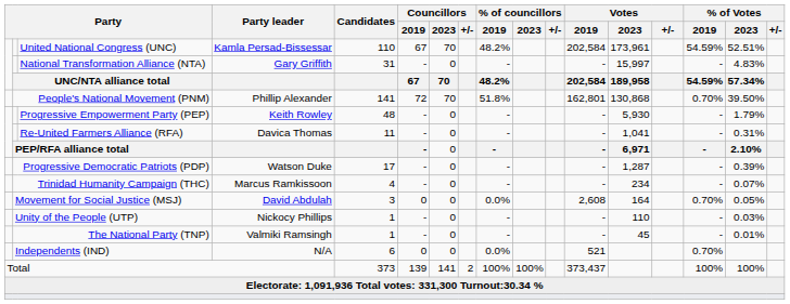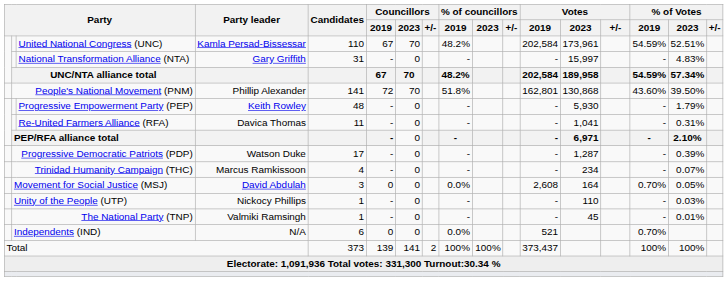 <table class="wikitable sortable" style="text-align:right;  margin-bottom:0">
 <tr>
 <th colspan="3" rowspan="2">Party</th>
 <th rowspan="2">Party leader</th>
 <th rowspan="2">Candidates</th>
 <th colspan="3">Councillors</th>
 <th colspan="3">% of councillors</th>
 <th colspan="3">Votes</th>
 <th colspan="3">% of Votes</th>
 </tr>
 <tr>
 <th style="width:40px;">2019</th>
 <th>2023</th>
 <th>+/-</th>
 <th>2019</th>
 <th>2023</th>
 <th>+/-</th>
 <th style="width:40px;">2019</th>
 <th style="width:40px;">2023</th>
 <th style="width:40px;">+/-</th>
 <th>2019</th>
 <th>2023</th>
 <th>+/-</th>
 </tr>
 <tr>
 <td rowspan="3"> </td>
 <td bgcolor=></td>
 <td style="text-align:left;"><a href='#'>United National Congress</a> (UNC)</td>
 <td><a href='#'>Kamla Persad-Bissessar</a></td>
 <td>110</td>
 <td>67</td>
 <td>70</td>
 <td></td>
 <td>48.2%</td>
 <td></td>
 <td></td>
 <td>202,584</td>
 <td>173,961</td>
 <td></td>
 <td>54.59%</td>
 <td>52.51%</td>
 <td></td>
 </tr>
 <tr>
 <td bgcolor=></td>
 <td style="text-align:left;"><a href='#'>National Transformation Alliance</a> (NTA)</td>
 <td><a href='#'>Gary Griffith</a></td>
 <td>31</td>
 <td>-</td>
 <td>0</td>
 <td></td>
 <td>-</td>
 <td></td>
 <td></td>
 <td>-</td>
 <td>15,997</td>
 <td></td>
 <td>-</td>
 <td>4.83%</td>
 <td></td>
 </tr>
 <tr>
 <th colspan="2">UNC/NTA alliance total</th>
 <th></th>
 <th></th>
 <th>67</th>
 <th>70</th>
 <th></th>
 <th>48.2%</th>
 <th></th>
 <th></th>
 <th>202,584</th>
 <th>189,958</th>
 <th></th>
 <th>54.59%</th>
 <th>57.34%</th>
 <th></th>
 </tr>
 <tr>
 <td style="color:inherit;background:"></td>
 <td colspan="2"><a href='#'>People's National Movement</a> (PNM)</td>
 <td>Phillip Alexander</td>
 <td>141</td>
 <td>72</td>
 <td>70</td>
 <td></td>
 <td>51.8%</td>
 <td></td>
 <td></td>
 <td>162,801</td>
 <td>130,868</td>
 <td></td>
-<td>0.70%</td>
+<td>43.60%</td>
 <td>39.50%</td>
 <td></td>
 </tr>
 <tr>
 <td rowspan="3"> </td>
 <td bgcolor=></td>
 <td style="text-align:left;"><a href='#'>Progressive Empowerment Party</a> (PEP)</td>
 <td><a href='#'>Keith Rowley</a></td>
 <td align="right">48</td>
 <td align="right">-</td>
 <td>0</td>
 <td></td>
 <td>-</td>
 <td></td>
 <td></td>
 <td align="right">-</td>
 <td align="right">5,930</td>
 <td align="right"></td>
 <td>-</td>
 <td>1.79%</td>
 <td></td>
 </tr>
 <tr>
 <td bgcolor=></td>
 <td style="text-align:left;"><a href='#'>Re-United Farmers Alliance</a> (RFA)</td>
 <td>Davica Thomas</td>
 <td align="right">11</td>
 <td align="right">-</td>
 <td>0</td>
 <td></td>
 <td>-</td>
 <td></td>
 <td></td>
 <td align="right">-</td>
 <td align="right">1,041</td>
 <td align="right"></td>
 <td>-</td>
 <td>0.31%</td>
 <td></td>
 </tr>
 <tr>
 <th colspan="2" style="text-align:left;">PEP/RFA alliance total</th>
 <th></th>
 <th style="text-align:right;"></th>
 <th style="text-align:right;">-</th>
 <td>0</td>
 <th></th>
 <th>-</th>
 <th></th>
 <th></th>
 <th style="text-align:right;">-</th>
 <th style="text-align:right;">6,971</th>
 <th style="text-align:right;"></th>
 <th>-</th>
 <th>2.10%</th>
 <th></th>
 </tr>
 <tr>
 <td style="color:inherit;background:"></td>
 <td colspan="2"><a href='#'>Progressive Democratic Patriots</a> (PDP)</td>
 <td>Watson Duke</td>
 <td>17</td>
 <td>-</td>
 <td>0</td>
 <td></td>
 <td>-</td>
 <td></td>
 <td></td>
 <td>-</td>
 <td>1,287</td>
 <td></td>
 <td>-</td>
 <td>0.39%</td>
 <td></td>
 </tr>
 <tr>
 <td style="color:inherit;background:"></td>
 <td colspan="2"><a href='#'>Trinidad Humanity Campaign</a> (THC)</td>
 <td>Marcus Ramkissoon</td>
 <td>4</td>
 <td>-</td>
 <td>0</td>
 <td></td>
 <td>-</td>
 <td></td>
 <td></td>
 <td>-</td>
 <td>234</td>
 <td></td>
 <td>-</td>
 <td>0.07%</td>
 <td></td>
 </tr>
 <tr>
 <td bgcolor=></td>
 <td colspan="2" style="text-align:left;"><a href='#'>Movement for Social Justice</a> (MSJ)</td>
 <td><a href='#'>David Abdulah</a></td>
 <td>3</td>
 <td>0</td>
 <td>0</td>
 <td></td>
 <td>0.0%</td>
 <td></td>
 <td></td>
 <td>2,608</td>
 <td>164</td>
 <td></td>
 <td>0.70%</td>
 <td>0.05%</td>
 <td></td>
 </tr>
 <tr>
 <td bgcolor=></td>
 <td colspan="2" style="text-align:left;"><a href='#'>Unity of the People</a> (UTP)</td>
 <td>Nickocy Phillips</td>
 <td align="right">1</td>
 <td align="right">-</td>
 <td>0</td>
 <td></td>
 <td>-</td>
 <td></td>
 <td></td>
 <td align="right">-</td>
 <td align="right">110</td>
 <td align="right"></td>
 <td>-</td>
 <td>0.03%</td>
 <td></td>
 </tr>
 <tr>
 <td style="color:inherit;background:"></td>
 <td colspan="2"><a href='#'>The National Party</a> (TNP)</td>
 <td>Valmiki Ramsingh</td>
 <td>1</td>
 <td>-</td>
 <td>0</td>
 <td></td>
 <td>-</td>
 <td></td>
 <td></td>
 <td>-</td>
 <td>45</td>
 <td></td>
 <td>-</td>
 <td>0.01%</td>
 <td></td>
 </tr>
 <tr>
 <td style="color:inherit;background:"></td>
 <td colspan="2" style="text-align:left;"><a href='#'>Independents</a> (IND)</td>
 <td>N/A</td>
 <td align="right">6</td>
 <td align="right">0</td>
 <td>0</td>
 <td></td>
 <td>0.0%</td>
 <td></td>
 <td></td>
 <td align="right">521</td>
 <td align="right"></td>
 <td align="right"></td>
 <td>0.70%</td>
 <td></td>
 <td></td>
 </tr>
 <tr>
 <td colspan="4" align="left">Total</td>
 <td align="right">373</td>
 <td align="right">139</td>
 <td>141</td>
 <td>2</td>
 <td>100%</td>
 <td>100%</td>
 <td></td>
 <td align="right">373,437</td>
 <td align="right"></td>
 <td align="right"></td>
 <td>100%</td>
 <td>100%</td>
 <td></td>
 </tr>
 <tr>
 <td colspan="17" style="text-align:center; background:#eee;"><strong>Electorate: 1,091,936 Total votes: 331,300</strong> <strong>Turnout:30.34 %</strong></td>
 </tr>
 <tr>
 <td colspan="17" style="text-align:left; background-color:#eaecf0"></td>
 </tr>
 </table>
